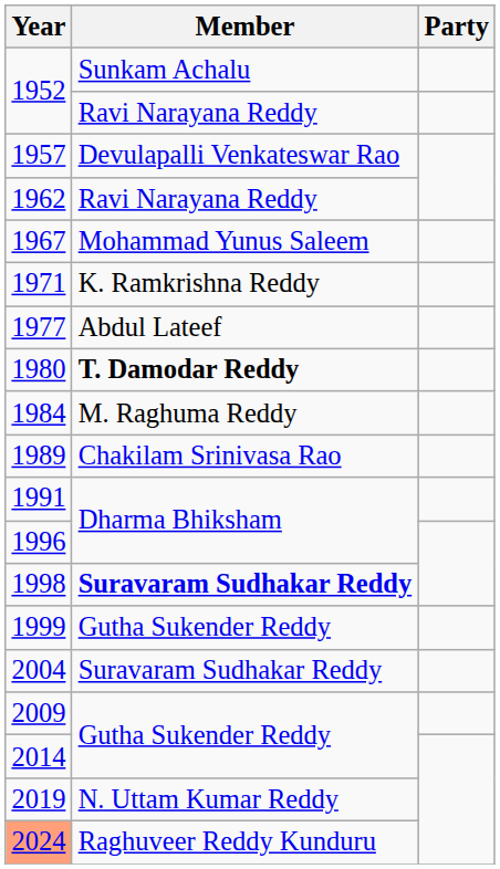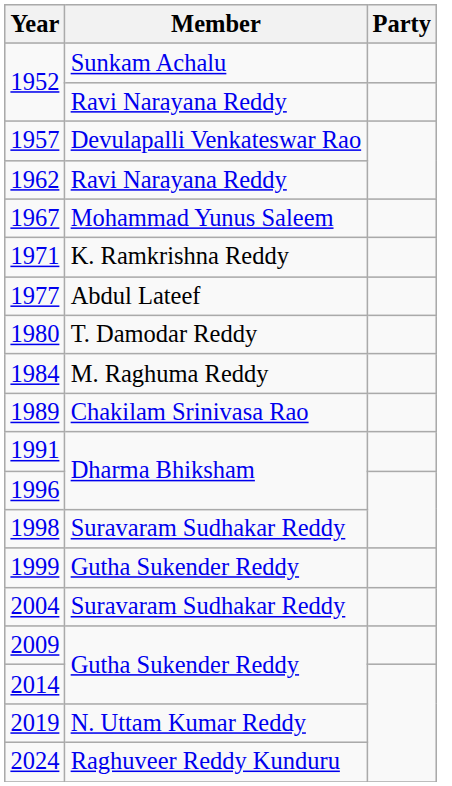 <table class="wikitable sortable">
 <tr>
 <th>Year</th>
 <th>Member</th>
 <th colspan="2">Party</th>
 </tr>
 <tr>
 <td rowspan=2><a href='#'>1952</a></td>
 <td><a href='#'>Sunkam Achalu</a></td>
 <td></td>
 </tr>
 <tr>
 <td><a href='#'>Ravi Narayana Reddy</a></td>
 <td></td>
 </tr>
 <tr>
 <td><a href='#'>1957</a></td>
 <td><a href='#'>Devulapalli Venkateswar Rao</a></td>
 </tr>
 <tr>
 <td><a href='#'>1962</a></td>
 <td><a href='#'>Ravi Narayana Reddy</a></td>
 </tr>
 <tr>
 <td><a href='#'>1967</a></td>
 <td><a href='#'>Mohammad Yunus Saleem</a></td>
 <td></td>
 </tr>
 <tr>
 <td><a href='#'>1971</a></td>
 <td>K. Ramkrishna Reddy</td>
 <td></td>
 </tr>
 <tr>
 <td><a href='#'>1977</a></td>
 <td>Abdul Lateef</td>
 <td></td>
 </tr>
 <tr>
 <td><a href='#'>1980</a></td>
-<td><strong>T. Damodar Reddy</strong></td>
+<td>T. Damodar Reddy</td>
 <td></td>
 </tr>
 <tr>
 <td><a href='#'>1984</a></td>
 <td>M. Raghuma Reddy</td>
 <td></td>
 </tr>
 <tr>
 <td><a href='#'>1989</a></td>
 <td><a href='#'>Chakilam Srinivasa Rao</a></td>
 <td></td>
 </tr>
 <tr>
 <td><a href='#'>1991</a></td>
 <td rowspan="2"><a href='#'>Dharma Bhiksham</a></td>
 <td></td>
 </tr>
 <tr>
 <td><a href='#'>1996</a></td>
 </tr>
 <tr>
 <td><a href='#'>1998</a></td>
-<td><strong><a href='#'>Suravaram Sudhakar Reddy</a></strong></td>
+<td><a href='#'>Suravaram Sudhakar Reddy</a></td>
 </tr>
 <tr>
 <td><a href='#'>1999</a></td>
 <td><a href='#'>Gutha Sukender Reddy</a></td>
 <td></td>
 </tr>
 <tr>
 <td><a href='#'>2004</a></td>
 <td><a href='#'>Suravaram Sudhakar Reddy</a></td>
 <td></td>
 </tr>
 <tr>
 <td><a href='#'>2009</a></td>
 <td rowspan="2"><a href='#'>Gutha Sukender Reddy</a></td>
 <td></td>
 </tr>
 <tr>
 <td><a href='#'>2014</a></td>
 </tr>
 <tr>
 <td><a href='#'>2019</a></td>
 <td><a href='#'>N. Uttam Kumar Reddy</a></td>
 </tr>
 <tr>
-<td style="background: lightsalmon;"><a href='#'>2024</a></td>
+<td><a href='#'>2024</a></td>
 <td><a href='#'>Raghuveer Reddy Kunduru</a></td>
 </tr>
 </table>
